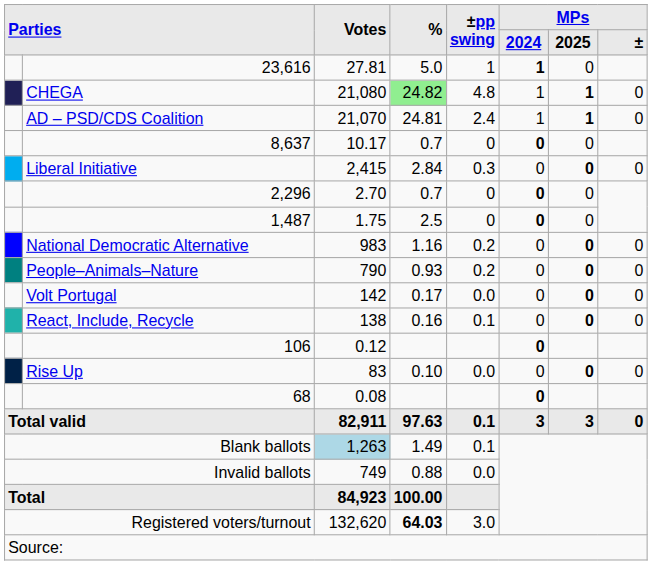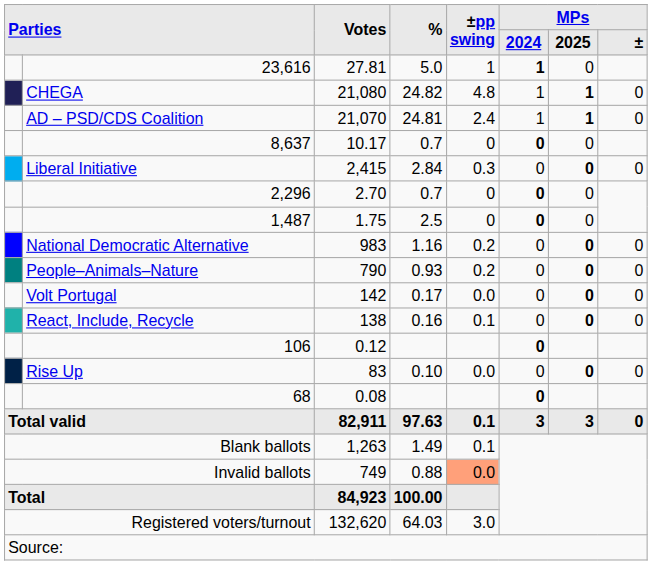 <table class="wikitable" style="text-align:right; font-size:95%;">
 <tr>
 <th rowspan="2" colspan="2" style="background:#e9e9e9; text-align:left;" alignleft><a href='#'>Parties</a></th>
 <th rowspan="2" style="background:#e9e9e9; text-align:right;">Votes</th>
 <th rowspan="2" style="background:#e9e9e9; text-align:right;">%</th>
 <th rowspan="2" style="background:#e9e9e9; text-align:right;">±<a href='#'>pp</a> <a href='#'>swing</a></th>
 <th colspan="3" style="background:#e9e9e9; text-align:center;"><a href='#'>MPs</a></th>
 </tr>
 <tr style="background-color:#E9E9E9">
 <th style="background-color:#E9E9E9;text-align:center;"><a href='#'>2024</a></th>
 <th style="background-color:#E9E9E9;text-align:center;">2025</th>
 <th style="background:#e9e9e9; text-align:right;">±</th>
 </tr>
 <tr>
 <td></td>
 <td>23,616</td>
 <td>27.81</td>
 <td>5.0</td>
 <td>1</td>
 <td><strong>1</strong></td>
 <td>0</td>
 </tr>
 <tr>
 <td style="width: 10px" bgcolor="#202056" align="center"></td>
 <td align="left"><a href='#'>CHEGA</a></td>
 <td>21,080</td>
-<td style="background: lightgreen;">24.82</td>
+<td>24.82</td>
 <td>4.8</td>
 <td>1</td>
 <td><strong>1</strong></td>
 <td>0</td>
 </tr>
 <tr>
 <td style="width: 10px" bgcolor=></td>
 <td align="left"><a href='#'>AD – PSD/CDS Coalition</a> </td>
 <td>21,070</td>
 <td>24.81</td>
 <td>2.4</td>
 <td>1</td>
 <td><strong>1</strong></td>
 <td>0</td>
 </tr>
 <tr>
 <td></td>
 <td>8,637</td>
 <td>10.17</td>
 <td>0.7</td>
 <td>0</td>
 <td><strong>0</strong></td>
 <td>0</td>
 </tr>
 <tr>
 <td style="width: 10px" bgcolor="#00ADEF" align="center"></td>
 <td align="left"><a href='#'>Liberal Initiative</a></td>
 <td>2,415</td>
 <td>2.84</td>
 <td>0.3</td>
 <td>0</td>
 <td><strong>0</strong></td>
 <td>0</td>
 </tr>
 <tr>
 <td></td>
 <td>2,296</td>
 <td>2.70</td>
 <td>0.7</td>
 <td>0</td>
 <td><strong>0</strong></td>
 <td>0</td>
 </tr>
 <tr>
 <td></td>
 <td>1,487</td>
 <td>1.75</td>
 <td>2.5</td>
 <td>0</td>
 <td><strong>0</strong></td>
 <td>0</td>
 </tr>
 <tr>
 <td style="width: 10px" bgcolor="blue" align="center"></td>
 <td align="left"><a href='#'>National Democratic Alternative</a></td>
 <td>983</td>
 <td>1.16</td>
 <td>0.2</td>
 <td>0</td>
 <td><strong>0</strong></td>
 <td>0</td>
 </tr>
 <tr>
 <td style="width: 10px" bgcolor="teal" align="center"></td>
 <td align="left"><a href='#'>People–Animals–Nature</a></td>
 <td>790</td>
 <td>0.93</td>
 <td>0.2</td>
 <td>0</td>
 <td><strong>0</strong></td>
 <td>0</td>
 </tr>
 <tr>
 <td style="width: 10px"></td>
 <td align="left"><a href='#'>Volt Portugal</a></td>
 <td>142</td>
 <td>0.17</td>
 <td>0.0</td>
 <td>0</td>
 <td><strong>0</strong></td>
 <td>0</td>
 </tr>
 <tr>
 <td style="width: 10px" bgcolor="LightSeaGreen" align="center"></td>
 <td align="left"><a href='#'>React, Include, Recycle</a></td>
 <td>138</td>
 <td>0.16</td>
 <td>0.1</td>
 <td>0</td>
 <td><strong>0</strong></td>
 <td>0</td>
 </tr>
 <tr>
 <td></td>
 <td>106</td>
 <td>0.12</td>
 <td></td>
 <td></td>
 <td><strong>0</strong></td>
 <td></td>
 </tr>
 <tr>
 <td style="width: 10px" bgcolor="#002147" align="center"></td>
 <td align="left"><a href='#'>Rise Up</a></td>
 <td>83</td>
 <td>0.10</td>
 <td>0.0</td>
 <td>0</td>
 <td><strong>0</strong></td>
 <td>0</td>
 </tr>
 <tr>
 <td></td>
 <td>68</td>
 <td>0.08</td>
 <td></td>
 <td></td>
 <td><strong>0</strong></td>
 <td></td>
 </tr>
 <tr>
 <td colspan=2 width="288" align=left style="background-color:#E9E9E9"><strong>Total valid</strong></td>
 <td width="65" align="right" style="background-color:#E9E9E9"><strong>82,911</strong></td>
 <td width="40" align="right" style="background-color:#E9E9E9"><strong>97.63</strong></td>
 <td width="40" align="right" style="background-color:#E9E9E9"><strong>0.1</strong></td>
 <td width="40" align="right" style="background-color:#E9E9E9"><strong>3</strong></td>
 <td width="40" align="right" style="background-color:#E9E9E9"><strong>3</strong></td>
 <td width="40" align="right" style="background-color:#E9E9E9"><strong>0</strong></td>
 </tr>
 <tr>
 <td colspan=2>Blank ballots</td>
-<td style="background: lightblue;">1,263</td>
+<td>1,263</td>
 <td>1.49</td>
 <td>0.1</td>
 <td colspan=3 rowspan=4></td>
 </tr>
 <tr>
 <td colspan=2>Invalid ballots</td>
 <td>749</td>
 <td>0.88</td>
-<td>0.0</td>
+<td style="background: lightsalmon;">0.0</td>
 </tr>
 <tr>
 <td colspan=2 align=left style="background-color:#E9E9E9"><strong>Total</strong></td>
 <td width="50" align="right" style="background-color:#E9E9E9"><strong>84,923</strong></td>
 <td width="40" align="right" style="background-color:#E9E9E9"><strong>100.00</strong></td>
 <td width="40" align="right" style="background-color:#E9E9E9"></td>
 </tr>
 <tr>
 <td colspan=2>Registered voters/turnout</td>
 <td>132,620</td>
-<td><strong>64.03</strong></td>
+<td>64.03</td>
 <td>3.0</td>
 </tr>
 <tr>
 <td colspan=8 align=left>Source: </td>
 </tr>
 </table>
